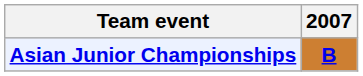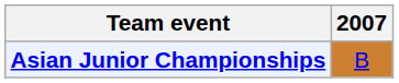 <table style='font-size: 90%; text-align:center;' class='wikitable'>
 <tr>
 <th>Team event</th>
 <th>2007</th>
 </tr>
 <tr>
 <td bgcolor="#ECF2FF"; align="left"><strong><a href='#'>Asian Junior Championships</a></strong></td>
-<td bgcolor=CD7F32><strong><a href='#'>B</a></strong></td>
+<td bgcolor=CD7F32><a href='#'>B</a></td>
 </tr>
 </table>
